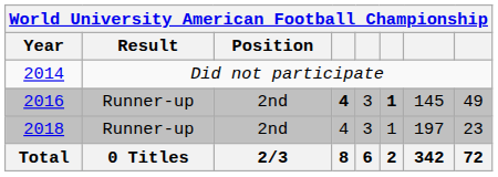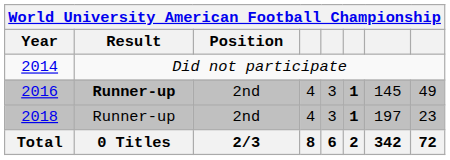 <table class="wikitable" style="text-align: center;">
 <tr>
 <th colspan="8"><a href='#'>World University American Football Championship</a></th>
 </tr>
 <tr>
 <th>Year</th>
 <th>Result</th>
 <th>Position</th>
 <th></th>
 <th></th>
 <th></th>
 <th></th>
 <th></th>
 </tr>
 <tr>
 <td> <a href='#'>2014</a></td>
 <td colspan=7><em>Did not participate</em></td>
 </tr>
 <tr bgcolor=silver>
 <td> <a href='#'>2016</a></td>
-<td>Runner-up</td>
+<td><strong>Runner-up</strong></td>
 <td>2nd</td>
-<td><strong>4</strong></td>
+<td>4</td>
 <td>3</td>
 <td><strong>1</strong></td>
 <td>145</td>
 <td>49</td>
 </tr>
 <tr bgcolor=silver>
 <td> <a href='#'>2018</a></td>
 <td>Runner-up</td>
 <td>2nd</td>
 <td>4</td>
 <td>3</td>
-<td>1</td>
+<td><strong>1</strong></td>
 <td>197</td>
 <td>23</td>
 </tr>
 <tr>
 <th>Total</th>
 <th>0 Titles</th>
 <th>2/3</th>
 <th>8</th>
 <th>6</th>
 <th>2</th>
 <th>342</th>
 <th>72</th>
 </tr>
 </table>
